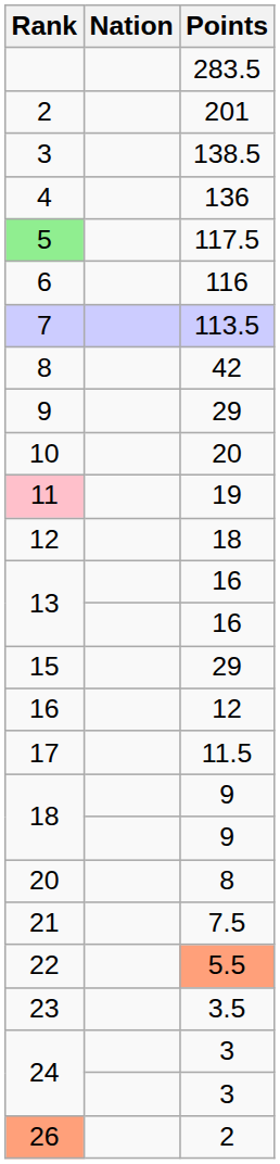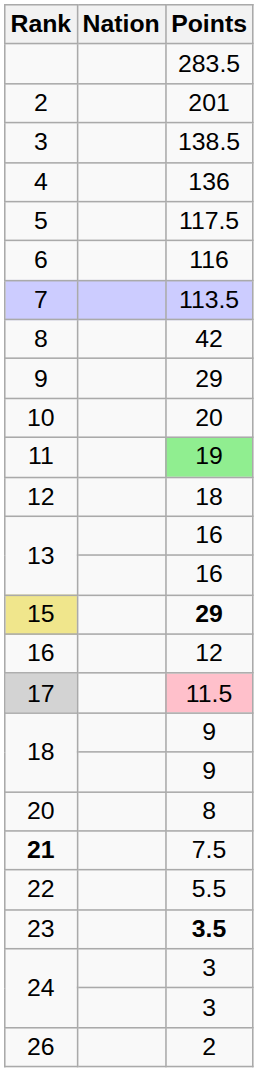 <table class="wikitable sortable" style="text-align:center">
 <tr>
 <th>Rank</th>
 <th>Nation</th>
 <th>Points</th>
 </tr>
 <tr>
 <td></td>
 <td align=left></td>
 <td>283.5</td>
 </tr>
 <tr>
 <td>2</td>
 <td align=left></td>
 <td>201</td>
 </tr>
 <tr>
 <td>3</td>
 <td align=left></td>
 <td>138.5</td>
 </tr>
 <tr>
 <td>4</td>
 <td align=left></td>
 <td>136</td>
 </tr>
 <tr>
-<td style="background: lightgreen;">5</td>
+<td>5</td>
 <td align=left></td>
 <td>117.5</td>
 </tr>
 <tr>
 <td>6</td>
 <td align=left></td>
 <td>116</td>
 </tr>
 <tr style="background:#ccf;">
 <td>7</td>
 <td align=left></td>
 <td>113.5</td>
 </tr>
 <tr>
 <td>8</td>
 <td align=left></td>
 <td>42</td>
 </tr>
 <tr>
 <td>9</td>
 <td align=left></td>
 <td>29</td>
 </tr>
 <tr>
 <td>10</td>
 <td align=left></td>
 <td>20</td>
 </tr>
 <tr>
-<td style="background: pink;">11</td>
+<td>11</td>
 <td align=left></td>
-<td>19</td>
+<td style="background: lightgreen;">19</td>
 </tr>
 <tr>
 <td>12</td>
 <td align=left></td>
 <td>18</td>
 </tr>
 <tr>
 <td rowspan="2">13</td>
 <td align=left></td>
 <td>16</td>
 </tr>
 <tr>
 <td align=left></td>
 <td>16</td>
 </tr>
 <tr>
-<td>15</td>
+<td style="background: khaki;">15</td>
 <td align=left></td>
-<td>29</td>
+<td><strong>29</strong></td>
 </tr>
 <tr>
 <td>16</td>
 <td align=left></td>
 <td>12</td>
 </tr>
 <tr>
-<td>17</td>
+<td style="background: lightgrey;">17</td>
 <td align=left></td>
-<td>11.5</td>
+<td style="background: pink;">11.5</td>
 </tr>
 <tr>
 <td rowspan="2">18</td>
 <td align=left></td>
 <td>9</td>
 </tr>
 <tr>
 <td align=left></td>
 <td>9</td>
 </tr>
 <tr>
 <td>20</td>
 <td align=left></td>
 <td>8</td>
 </tr>
 <tr>
-<td>21</td>
+<td><strong>21</strong></td>
 <td align=left></td>
 <td>7.5</td>
 </tr>
 <tr>
 <td>22</td>
 <td align=left></td>
-<td style="background: lightsalmon;">5.5</td>
+<td>5.5</td>
 </tr>
 <tr>
 <td>23</td>
 <td align=left></td>
-<td>3.5</td>
+<td><strong>3.5</strong></td>
 </tr>
 <tr>
 <td rowspan="2">24</td>
 <td align=left></td>
 <td>3</td>
 </tr>
 <tr>
 <td align=left></td>
 <td>3</td>
 </tr>
 <tr>
-<td style="background: lightsalmon;">26</td>
+<td>26</td>
 <td align=left></td>
 <td>2</td>
 </tr>
 </table>
